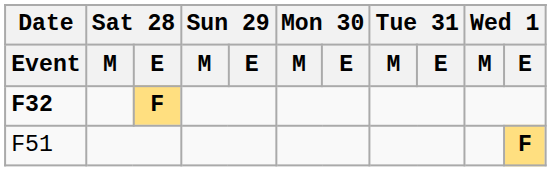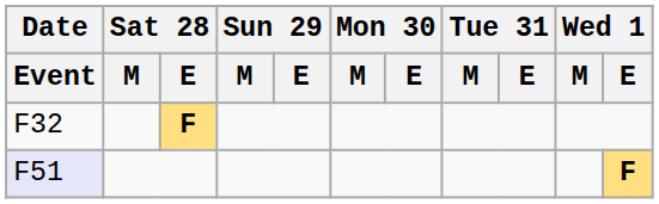 <table class="wikitable" style="margin:0.5em auto; font-size:90%; line-height:1.25em;">
 <tr align="center">
 </tr>
 <tr>
 <th>Date</th>
 <th colspan="2">Sat 28</th>
 <th colspan="2">Sun 29</th>
 <th colspan="2">Mon 30</th>
 <th colspan="2">Tue 31</th>
 <th colspan="2">Wed 1</th>
 </tr>
 <tr>
 <th>Event</th>
 <th>M</th>
 <th>E</th>
 <th>M</th>
 <th>E</th>
 <th>M</th>
 <th>E</th>
 <th>M</th>
 <th>E</th>
 <th>M</th>
 <th>E</th>
 </tr>
 <tr align="center">
-<td align="left"><strong>F32</strong></td>
+<td align="left">F32</td>
 <td></td>
 <td bgcolor="#FFDF80"><strong>F</strong></td>
 <td colspan="2"></td>
 <td colspan="2"></td>
 <td colspan="2"></td>
 <td colspan="2"></td>
 </tr>
 <tr align="center">
-<td align="left">F51</td>
+<td align="left" style="background: lavender;">F51</td>
 <td colspan="2"></td>
 <td colspan="2"></td>
 <td colspan="2"></td>
 <td colspan="2"></td>
 <td></td>
 <td bgcolor="#FFDF80"><strong>F</strong></td>
 </tr>
 </table>
